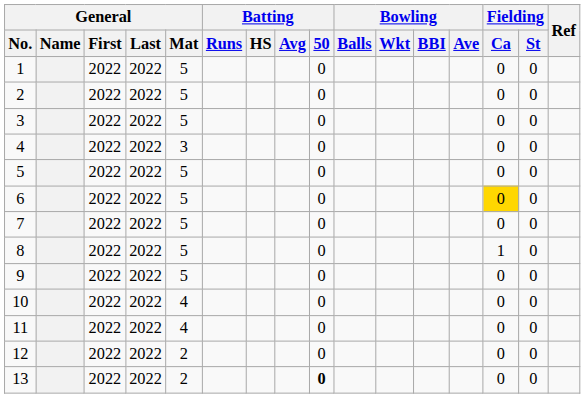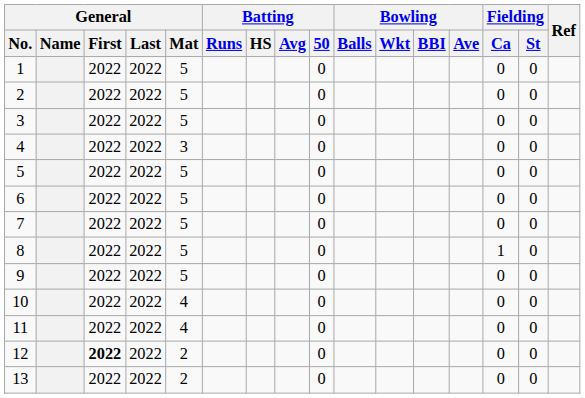 <table class="wikitable plainrowheaders sortable">
 <tr align="center">
 <th scope="col" colspan=5 class="unsortable">General</th>
 <th scope="col" colspan=4 class="unsortable"><a href='#'>Batting</a></th>
 <th scope="col" colspan=4 class="unsortable"><a href='#'>Bowling</a></th>
 <th scope="col" colspan=2 class="unsortable"><a href='#'>Fielding</a></th>
 <th scope="col" rowspan=2 class="unsortable">Ref</th>
 </tr>
 <tr align="center">
 <th scope="col">No.</th>
 <th scope="col">Name</th>
 <th scope="col">First</th>
 <th scope="col">Last</th>
 <th scope="col">Mat</th>
 <th scope="col"><a href='#'>Runs</a></th>
 <th scope="col">HS</th>
 <th scope="col"><a href='#'>Avg</a></th>
 <th scope="col"><a href='#'>50</a></th>
 <th scope="col"><a href='#'>Balls</a></th>
 <th scope="col"><a href='#'>Wkt</a></th>
 <th scope="col"><a href='#'>BBI</a></th>
 <th scope="col"><a href='#'>Ave</a></th>
 <th scope="col"><a href='#'>Ca</a></th>
 <th scope="col"><a href='#'>St</a></th>
 </tr>
 <tr align="center">
 <td>1</td>
 <th scope="row"></th>
 <td>2022</td>
 <td>2022</td>
 <td>5</td>
 <td></td>
 <td></td>
 <td></td>
 <td>0</td>
 <td></td>
 <td></td>
 <td></td>
 <td></td>
 <td>0</td>
 <td>0</td>
 <td></td>
 </tr>
 <tr align="center">
 <td>2</td>
 <th scope="row"></th>
 <td>2022</td>
 <td>2022</td>
 <td>5</td>
 <td></td>
 <td></td>
 <td></td>
 <td>0</td>
 <td></td>
 <td></td>
 <td></td>
 <td></td>
 <td>0</td>
 <td>0</td>
 <td></td>
 </tr>
 <tr align="center">
 <td>3</td>
 <th scope="row"></th>
 <td>2022</td>
 <td>2022</td>
 <td>5</td>
 <td></td>
 <td></td>
 <td></td>
 <td>0</td>
 <td></td>
 <td></td>
 <td></td>
 <td></td>
 <td>0</td>
 <td>0</td>
 <td></td>
 </tr>
 <tr align="center">
 <td>4</td>
 <th scope="row"></th>
 <td>2022</td>
 <td>2022</td>
 <td>3</td>
 <td></td>
 <td></td>
 <td></td>
 <td>0</td>
 <td></td>
 <td></td>
 <td></td>
 <td></td>
 <td>0</td>
 <td>0</td>
 <td></td>
 </tr>
 <tr align="center">
 <td>5</td>
 <th scope="row"></th>
 <td>2022</td>
 <td>2022</td>
 <td>5</td>
 <td></td>
 <td></td>
 <td></td>
 <td>0</td>
 <td></td>
 <td></td>
 <td></td>
 <td></td>
 <td>0</td>
 <td>0</td>
 <td></td>
 </tr>
 <tr align="center">
 <td>6</td>
 <th scope="row"></th>
 <td>2022</td>
 <td>2022</td>
 <td>5</td>
 <td></td>
 <td></td>
 <td></td>
 <td>0</td>
 <td></td>
 <td></td>
 <td></td>
 <td></td>
-<td style="background: gold;">0</td>
+<td>0</td>
 <td>0</td>
 <td></td>
 </tr>
 <tr align="center">
 <td>7</td>
 <th scope="row"></th>
 <td>2022</td>
 <td>2022</td>
 <td>5</td>
 <td></td>
 <td></td>
 <td></td>
 <td>0</td>
 <td></td>
 <td></td>
 <td></td>
 <td></td>
 <td>0</td>
 <td>0</td>
 <td></td>
 </tr>
 <tr align="center">
 <td>8</td>
 <th scope="row"></th>
 <td>2022</td>
 <td>2022</td>
 <td>5</td>
 <td></td>
 <td></td>
 <td></td>
 <td>0</td>
 <td></td>
 <td></td>
 <td></td>
 <td></td>
 <td>1</td>
 <td>0</td>
 <td></td>
 </tr>
 <tr align="center">
 <td>9</td>
 <th scope="row"></th>
 <td>2022</td>
 <td>2022</td>
 <td>5</td>
 <td></td>
 <td></td>
 <td></td>
 <td>0</td>
 <td></td>
 <td></td>
 <td></td>
 <td></td>
 <td>0</td>
 <td>0</td>
 <td></td>
 </tr>
 <tr align="center">
 <td>10</td>
 <th scope="row"></th>
 <td>2022</td>
 <td>2022</td>
 <td>4</td>
 <td></td>
 <td></td>
 <td></td>
 <td>0</td>
 <td></td>
 <td></td>
 <td></td>
 <td></td>
 <td>0</td>
 <td>0</td>
 <td></td>
 </tr>
 <tr align="center">
 <td>11</td>
 <th scope="row"></th>
 <td>2022</td>
 <td>2022</td>
 <td>4</td>
 <td></td>
 <td></td>
 <td></td>
 <td>0</td>
 <td></td>
 <td></td>
 <td></td>
 <td></td>
 <td>0</td>
 <td>0</td>
 <td></td>
 </tr>
 <tr align="center">
 <td>12</td>
 <th scope="row"></th>
-<td>2022</td>
+<td><strong>2022</strong></td>
 <td>2022</td>
 <td>2</td>
 <td></td>
 <td></td>
 <td></td>
 <td>0</td>
 <td></td>
 <td></td>
 <td></td>
 <td></td>
 <td>0</td>
 <td>0</td>
 <td></td>
 </tr>
 <tr align="center">
 <td>13</td>
 <th scope="row"></th>
 <td>2022</td>
 <td>2022</td>
 <td>2</td>
 <td></td>
 <td></td>
 <td></td>
-<td><strong>0</strong></td>
+<td>0</td>
 <td></td>
 <td></td>
 <td></td>
 <td></td>
 <td>0</td>
 <td>0</td>
 <td></td>
 </tr>
 </table>
